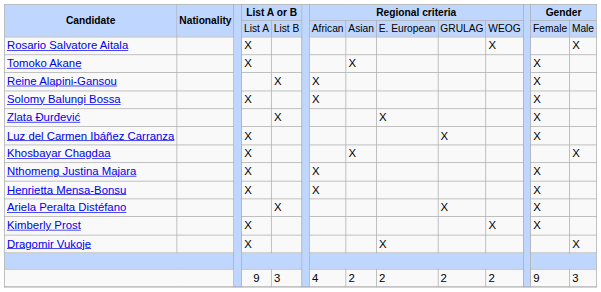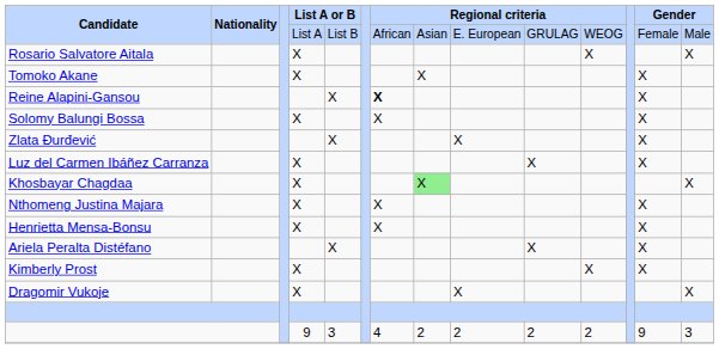 <table class="wikitable col3center col4center col5center col6center col7center col8center col9center col10center col11center">
 <tr bgcolor=#BFD7FF align="center" style="font-size:90%;">
 <td rowspan=2><strong>Candidate</strong></td>
 <td rowspan=2><strong>Nationality</strong></td>
 <td rowspan=16> </td>
 <td colspan=2><strong>List A or B</strong></td>
 <td rowspan=16> </td>
 <td colspan=5><strong>Regional criteria</strong></td>
 <td rowspan=16> </td>
 <td colspan=2><strong>Gender</strong></td>
 </tr>
 <tr bgcolor=#BFD7FF align="center" style="font-size:90%;">
 <td>List A</td>
 <td>List B</td>
 <td>African</td>
 <td>Asian</td>
 <td>E. European</td>
 <td>GRULAG</td>
 <td>WEOG</td>
 <td>Female</td>
 <td>Male</td>
 </tr>
 <tr>
 <td><a href='#'>Rosario Salvatore Aitala</a></td>
 <td></td>
 <td>X</td>
 <td></td>
 <td></td>
 <td></td>
 <td></td>
 <td></td>
 <td>X</td>
 <td></td>
 <td>X</td>
 </tr>
 <tr>
 <td><a href='#'>Tomoko Akane</a></td>
 <td></td>
 <td>X</td>
 <td></td>
 <td></td>
 <td>X</td>
 <td></td>
 <td></td>
 <td></td>
 <td>X</td>
 <td></td>
 </tr>
 <tr>
 <td><a href='#'>Reine Alapini-Gansou</a></td>
 <td></td>
 <td></td>
 <td>X</td>
-<td>X</td>
+<td><strong>X</strong></td>
 <td></td>
 <td></td>
 <td></td>
 <td></td>
 <td>X</td>
 <td></td>
 </tr>
 <tr>
 <td><a href='#'>Solomy Balungi Bossa</a></td>
 <td></td>
 <td>X</td>
 <td></td>
 <td>X</td>
 <td></td>
 <td></td>
 <td></td>
 <td></td>
 <td>X</td>
 <td></td>
 </tr>
 <tr>
 <td><a href='#'>Zlata Đurđević</a></td>
 <td></td>
 <td></td>
 <td>X</td>
 <td></td>
 <td></td>
 <td>X</td>
 <td></td>
 <td></td>
 <td>X</td>
 <td></td>
 </tr>
 <tr>
 <td><a href='#'>Luz del Carmen Ibáñez Carranza</a></td>
 <td></td>
 <td>X</td>
 <td></td>
 <td></td>
 <td></td>
 <td></td>
 <td>X</td>
 <td></td>
 <td>X</td>
 <td></td>
 </tr>
 <tr>
 <td><a href='#'>Khosbayar Chagdaa</a></td>
 <td></td>
 <td>X</td>
 <td></td>
 <td></td>
-<td>X</td>
+<td style="background: lightgreen;">X</td>
 <td></td>
 <td></td>
 <td></td>
 <td></td>
 <td>X</td>
 </tr>
 <tr>
 <td><a href='#'>Nthomeng Justina Majara</a></td>
 <td></td>
 <td>X</td>
 <td></td>
 <td>X</td>
 <td></td>
 <td></td>
 <td></td>
 <td></td>
 <td>X</td>
 <td></td>
 </tr>
 <tr>
 <td><a href='#'>Henrietta Mensa-Bonsu</a></td>
 <td></td>
 <td>X</td>
 <td></td>
 <td>X</td>
 <td></td>
 <td></td>
 <td></td>
 <td></td>
 <td>X</td>
 <td></td>
 </tr>
 <tr>
 <td><a href='#'>Ariela Peralta Distéfano</a></td>
 <td></td>
 <td></td>
 <td>X</td>
 <td></td>
 <td></td>
 <td></td>
 <td>X</td>
 <td></td>
 <td>X</td>
 <td></td>
 </tr>
 <tr>
 <td><a href='#'>Kimberly Prost</a></td>
 <td></td>
 <td>X</td>
 <td></td>
 <td></td>
 <td></td>
 <td></td>
 <td></td>
 <td>X</td>
 <td>X</td>
 <td></td>
 </tr>
 <tr>
 <td><a href='#'>Dragomir Vukoje</a></td>
 <td></td>
 <td>X</td>
 <td></td>
 <td></td>
 <td></td>
 <td>X</td>
 <td></td>
 <td></td>
 <td></td>
 <td>X</td>
 </tr>
 <tr bgcolor=#BFD7FF align="center" style="font-size:90%;">
 <td colspan=2> </td>
 <td colspan=2> </td>
 <td colspan=5> </td>
 <td colspan=2> </td>
 </tr>
 <tr>
 <td colspan=2></td>
 <td align="center">9</td>
 <td>3</td>
 <td>4</td>
 <td>2</td>
 <td>2</td>
 <td>2</td>
 <td>2</td>
 <td>9</td>
 <td>3</td>
 </tr>
 <tr>
 </tr>
 </table>
